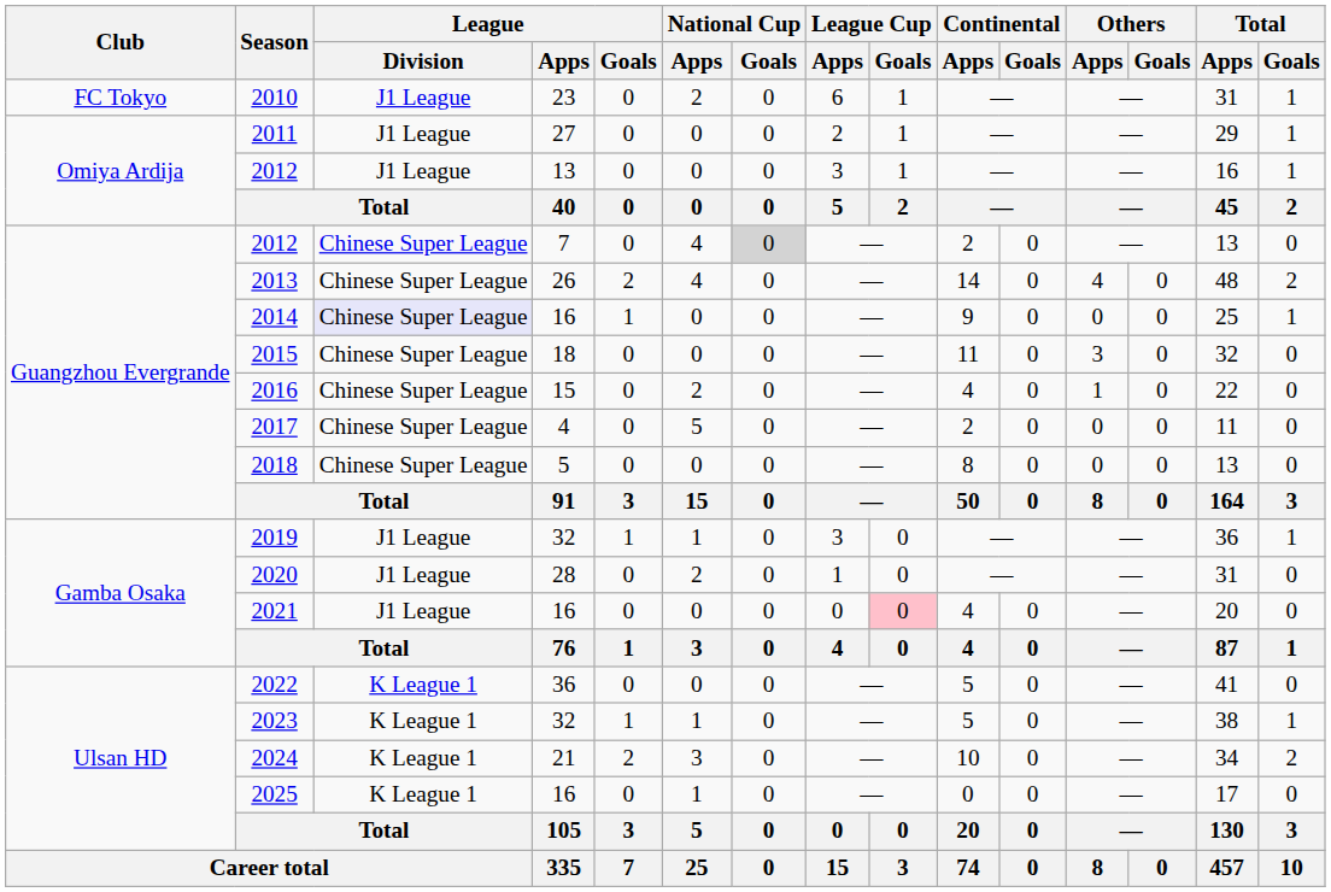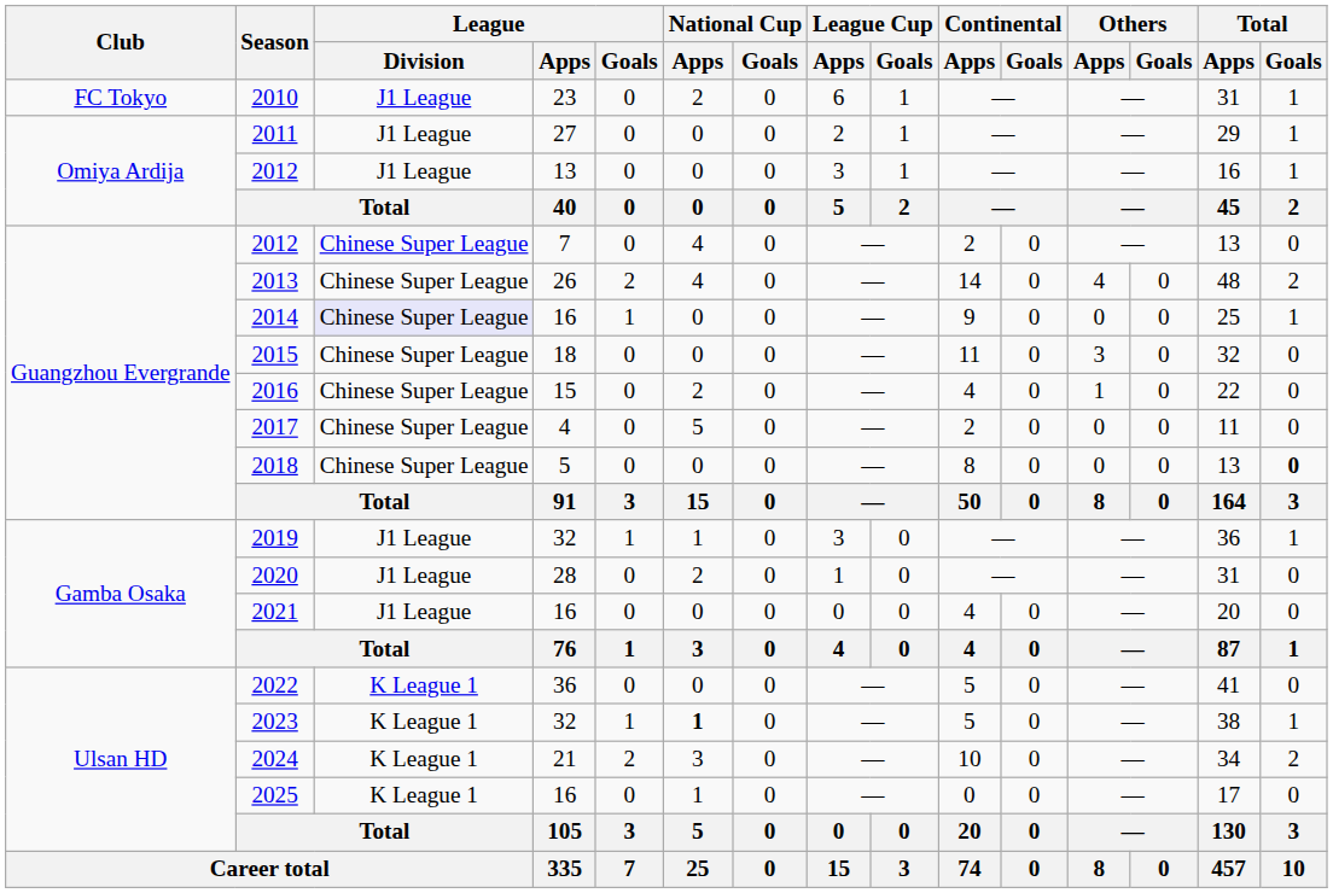 <table class="wikitable" style="text-align:center">
 <tr>
 <th rowspan="2">Club</th>
 <th rowspan="2">Season</th>
 <th colspan="3">League</th>
 <th colspan="2">National Cup</th>
 <th colspan="2">League Cup</th>
 <th colspan="2">Continental</th>
 <th colspan="2">Others</th>
 <th colspan="2">Total</th>
 </tr>
 <tr>
 <th>Division</th>
 <th>Apps</th>
 <th>Goals</th>
 <th>Apps</th>
 <th>Goals</th>
 <th>Apps</th>
 <th>Goals</th>
 <th>Apps</th>
 <th>Goals</th>
 <th>Apps</th>
 <th>Goals</th>
 <th>Apps</th>
 <th>Goals</th>
 </tr>
 <tr>
 <td><a href='#'>FC Tokyo</a></td>
 <td><a href='#'>2010</a></td>
 <td><a href='#'>J1 League</a></td>
 <td>23</td>
 <td>0</td>
 <td>2</td>
 <td>0</td>
 <td>6</td>
 <td>1</td>
 <td colspan="2">—</td>
 <td colspan="2">—</td>
 <td>31</td>
 <td>1</td>
 </tr>
 <tr>
 <td rowspan="3"><a href='#'>Omiya Ardija</a></td>
 <td><a href='#'>2011</a></td>
 <td>J1 League</td>
 <td>27</td>
 <td>0</td>
 <td>0</td>
 <td>0</td>
 <td>2</td>
 <td>1</td>
 <td colspan="2">—</td>
 <td colspan="2">—</td>
 <td>29</td>
 <td>1</td>
 </tr>
 <tr>
 <td><a href='#'>2012</a></td>
 <td>J1 League</td>
 <td>13</td>
 <td>0</td>
 <td>0</td>
 <td>0</td>
 <td>3</td>
 <td>1</td>
 <td colspan="2">—</td>
 <td colspan="2">—</td>
 <td>16</td>
 <td>1</td>
 </tr>
 <tr>
 <th colspan="2">Total</th>
 <th>40</th>
 <th>0</th>
 <th>0</th>
 <th>0</th>
 <th>5</th>
 <th>2</th>
 <th colspan="2">—</th>
 <th colspan="2">—</th>
 <th>45</th>
 <th>2</th>
 </tr>
 <tr>
 <td rowspan="8"><a href='#'>Guangzhou Evergrande</a></td>
 <td><a href='#'>2012</a></td>
 <td><a href='#'>Chinese Super League</a></td>
 <td>7</td>
 <td>0</td>
 <td>4</td>
-<td style="background: lightgrey;">0</td>
+<td>0</td>
 <td colspan="2">—</td>
 <td>2</td>
 <td>0</td>
 <td colspan="2">—</td>
 <td>13</td>
 <td>0</td>
 </tr>
 <tr>
 <td><a href='#'>2013</a></td>
 <td>Chinese Super League</td>
 <td>26</td>
 <td>2</td>
 <td>4</td>
 <td>0</td>
 <td colspan="2">—</td>
 <td>14</td>
 <td>0</td>
 <td>4</td>
 <td>0</td>
 <td>48</td>
 <td>2</td>
 </tr>
 <tr>
 <td><a href='#'>2014</a></td>
 <td style="background: lavender;">Chinese Super League</td>
 <td>16</td>
 <td>1</td>
 <td>0</td>
 <td>0</td>
 <td colspan="2">—</td>
 <td>9</td>
 <td>0</td>
 <td>0</td>
 <td>0</td>
 <td>25</td>
 <td>1</td>
 </tr>
 <tr>
 <td><a href='#'>2015</a></td>
 <td>Chinese Super League</td>
 <td>18</td>
 <td>0</td>
 <td>0</td>
 <td>0</td>
 <td colspan="2">—</td>
 <td>11</td>
 <td>0</td>
 <td>3</td>
 <td>0</td>
 <td>32</td>
 <td>0</td>
 </tr>
 <tr>
 <td><a href='#'>2016</a></td>
 <td>Chinese Super League</td>
 <td>15</td>
 <td>0</td>
 <td>2</td>
 <td>0</td>
 <td colspan="2">—</td>
 <td>4</td>
 <td>0</td>
 <td>1</td>
 <td>0</td>
 <td>22</td>
 <td>0</td>
 </tr>
 <tr>
 <td><a href='#'>2017</a></td>
 <td>Chinese Super League</td>
 <td>4</td>
 <td>0</td>
 <td>5</td>
 <td>0</td>
 <td colspan="2">—</td>
 <td>2</td>
 <td>0</td>
 <td>0</td>
 <td>0</td>
 <td>11</td>
 <td>0</td>
 </tr>
 <tr>
 <td><a href='#'>2018</a></td>
 <td>Chinese Super League</td>
 <td>5</td>
 <td>0</td>
 <td>0</td>
 <td>0</td>
 <td colspan="2">—</td>
 <td>8</td>
 <td>0</td>
 <td>0</td>
 <td>0</td>
 <td>13</td>
-<td>0</td>
+<td><strong>0</strong></td>
 </tr>
 <tr>
 <th colspan="2">Total</th>
 <th>91</th>
 <th>3</th>
 <th>15</th>
 <th>0</th>
 <th colspan="2">—</th>
 <th>50</th>
 <th>0</th>
 <th>8</th>
 <th>0</th>
 <th>164</th>
 <th>3</th>
 </tr>
 <tr>
 <td rowspan="4"><a href='#'>Gamba Osaka</a></td>
 <td><a href='#'>2019</a></td>
 <td>J1 League</td>
 <td>32</td>
 <td>1</td>
 <td>1</td>
 <td>0</td>
 <td>3</td>
 <td>0</td>
 <td colspan="2">—</td>
 <td colspan="2">—</td>
 <td>36</td>
 <td>1</td>
 </tr>
 <tr>
 <td><a href='#'>2020</a></td>
 <td>J1 League</td>
 <td>28</td>
 <td>0</td>
 <td>2</td>
 <td>0</td>
 <td>1</td>
 <td>0</td>
 <td colspan="2">—</td>
 <td colspan="2">—</td>
 <td>31</td>
 <td>0</td>
 </tr>
 <tr>
 <td><a href='#'>2021</a></td>
 <td>J1 League</td>
 <td>16</td>
 <td>0</td>
 <td>0</td>
 <td>0</td>
 <td>0</td>
-<td style="background: pink;">0</td>
+<td>0</td>
 <td>4</td>
 <td>0</td>
 <td colspan="2">—</td>
 <td>20</td>
 <td>0</td>
 </tr>
 <tr>
 <th colspan="2">Total</th>
 <th>76</th>
 <th>1</th>
 <th>3</th>
 <th>0</th>
 <th>4</th>
 <th>0</th>
 <th>4</th>
 <th>0</th>
 <th colspan="2">—</th>
 <th>87</th>
 <th>1</th>
 </tr>
 <tr>
 <td rowspan="5"><a href='#'>Ulsan HD</a></td>
 <td><a href='#'>2022</a></td>
 <td><a href='#'>K League 1</a></td>
 <td>36</td>
 <td>0</td>
 <td>0</td>
 <td>0</td>
 <td colspan="2">—</td>
 <td>5</td>
 <td>0</td>
 <td colspan="2">—</td>
 <td>41</td>
 <td>0</td>
 </tr>
 <tr>
 <td><a href='#'>2023</a></td>
 <td>K League 1</td>
 <td>32</td>
 <td>1</td>
-<td>1</td>
+<td><strong>1</strong></td>
 <td>0</td>
 <td colspan="2">—</td>
 <td>5</td>
 <td>0</td>
 <td colspan="2">—</td>
 <td>38</td>
 <td>1</td>
 </tr>
 <tr>
 <td><a href='#'>2024</a></td>
 <td>K League 1</td>
 <td>21</td>
 <td>2</td>
 <td>3</td>
 <td>0</td>
 <td colspan="2">—</td>
 <td>10</td>
 <td>0</td>
 <td colspan="2">—</td>
 <td>34</td>
 <td>2</td>
 </tr>
 <tr>
 <td><a href='#'>2025</a></td>
 <td>K League 1</td>
 <td>16</td>
 <td>0</td>
 <td>1</td>
 <td>0</td>
 <td colspan="2">—</td>
 <td>0</td>
 <td>0</td>
 <td colspan="2">—</td>
 <td>17</td>
 <td>0</td>
 </tr>
 <tr>
 <th colspan="2">Total</th>
 <th>105</th>
 <th>3</th>
 <th>5</th>
 <th>0</th>
 <th>0</th>
 <th>0</th>
 <th>20</th>
 <th>0</th>
 <th colspan="2">—</th>
 <th>130</th>
 <th>3</th>
 </tr>
 <tr>
 <th colspan="3">Career total</th>
 <th>335</th>
 <th>7</th>
 <th>25</th>
 <th>0</th>
 <th>15</th>
 <th>3</th>
 <th>74</th>
 <th>0</th>
 <th>8</th>
 <th>0</th>
 <th>457</th>
 <th>10</th>
 </tr>
 </table>
